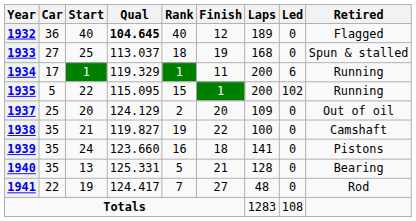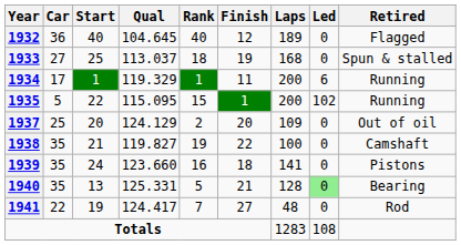 <table class="wikitable" style="text-align:center">
 <tr>
 <th>Year</th>
 <th>Car</th>
 <th>Start</th>
 <th>Qual</th>
 <th>Rank</th>
 <th>Finish</th>
 <th>Laps</th>
 <th>Led</th>
 <th>Retired</th>
 </tr>
 <tr>
 <th><a href='#'>1932</a></th>
 <td>36</td>
 <td>40</td>
-<td><strong>104.645</strong></td>
+<td>104.645</td>
 <td>40</td>
 <td>12</td>
 <td>189</td>
 <td>0</td>
 <td>Flagged</td>
 </tr>
 <tr>
 <th><a href='#'>1933</a></th>
 <td>27</td>
 <td>25</td>
 <td>113.037</td>
 <td>18</td>
 <td>19</td>
 <td>168</td>
 <td>0</td>
 <td>Spun & stalled</td>
 </tr>
 <tr>
 <th><a href='#'>1934</a></th>
 <td>17</td>
 <td style="background:green;color:white">1</td>
 <td>119.329</td>
 <td style="background:green;color:white">1</td>
 <td>11</td>
 <td>200</td>
 <td>6</td>
 <td>Running</td>
 </tr>
 <tr>
 <th><a href='#'>1935</a></th>
 <td>5</td>
 <td>22</td>
 <td>115.095</td>
 <td>15</td>
 <td style="background:green;color:white">1</td>
 <td>200</td>
 <td>102</td>
 <td>Running</td>
 </tr>
 <tr>
 <th><a href='#'>1937</a></th>
 <td>25</td>
 <td>20</td>
 <td>124.129</td>
 <td>2</td>
 <td>20</td>
 <td>109</td>
 <td>0</td>
 <td>Out of oil</td>
 </tr>
 <tr>
 <th><a href='#'>1938</a></th>
 <td>35</td>
 <td>21</td>
 <td>119.827</td>
 <td>19</td>
 <td>22</td>
 <td>100</td>
 <td>0</td>
 <td>Camshaft</td>
 </tr>
 <tr>
 <th><a href='#'>1939</a></th>
 <td>35</td>
 <td>24</td>
 <td>123.660</td>
 <td>16</td>
 <td>18</td>
 <td>141</td>
 <td>0</td>
 <td>Pistons</td>
 </tr>
 <tr>
 <th><a href='#'>1940</a></th>
 <td>35</td>
 <td>13</td>
 <td>125.331</td>
 <td>5</td>
 <td>21</td>
 <td>128</td>
-<td>0</td>
+<td style="background: lightgreen;">0</td>
 <td>Bearing</td>
 </tr>
 <tr>
 <th><a href='#'>1941</a></th>
 <td>22</td>
 <td>19</td>
 <td>124.417</td>
 <td>7</td>
 <td>27</td>
 <td>48</td>
 <td>0</td>
 <td>Rod</td>
 </tr>
 <tr>
 <td colspan=6><strong>Totals</strong></td>
 <td>1283</td>
 <td>108</td>
 <td></td>
 </tr>
 </table>
